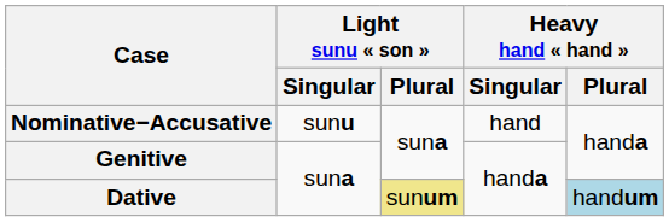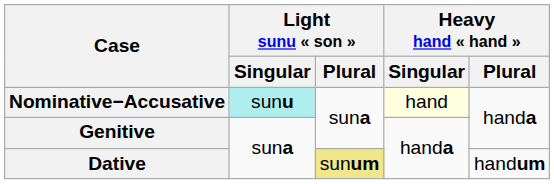 <table class="wikitable" style="text-align:center">
 <tr>
 <th rowspan="2">Case</th>
 <th colspan="2">Light<br><small><a href='#'>sunu</a> « son »</small></th>
 <th colspan="2">Heavy<br><small><a href='#'>hand</a> « hand »</small></th>
 </tr>
 <tr>
 <th>Singular</th>
 <th>Plural</th>
 <th>Singular</th>
 <th>Plural</th>
 </tr>
 <tr>
 <th>Nominative−Accusative</th>
-<td>sun<strong>u</strong></td>
+<td style="background: paleturquoise;">sun<strong>u</strong></td>
 <td rowspan="2">sun<strong>a</strong></td>
-<td>hand</td>
+<td style="background: lightyellow;">hand</td>
 <td rowspan="2">hand<strong>a</strong></td>
 </tr>
 <tr>
 <th>Genitive</th>
 <td rowspan="2">sun<strong>a</strong></td>
 <td rowspan="2">hand<strong>a</strong></td>
 </tr>
 <tr>
 <th>Dative</th>
 <td style="background: khaki;">sun<strong>um</strong></td>
-<td style="background: lightblue;">hand<strong>um</strong></td>
+<td>hand<strong>um</strong></td>
 </tr>
 </table>
